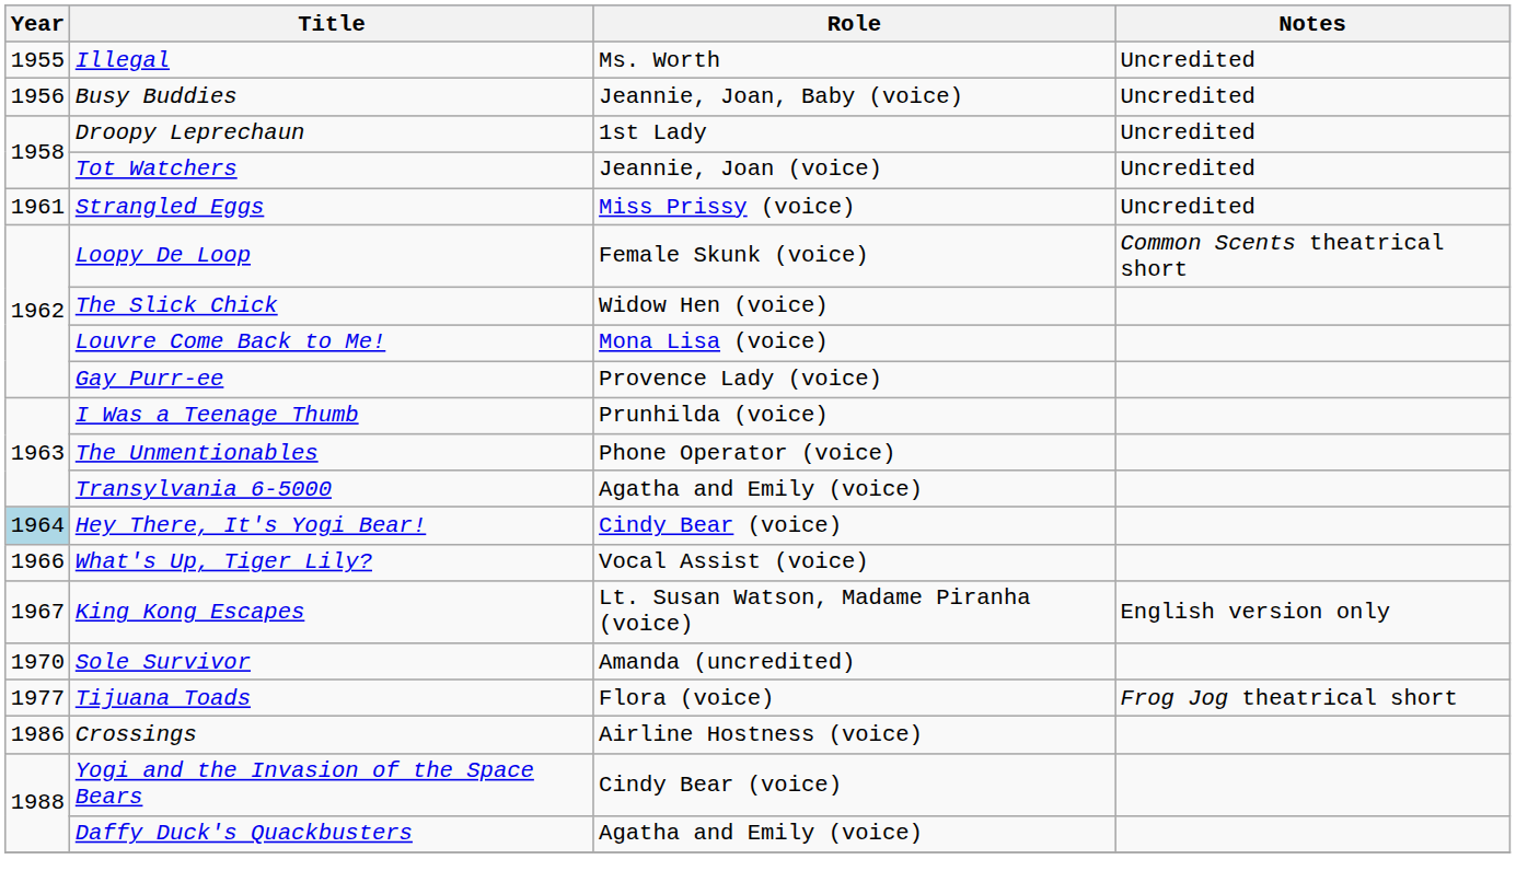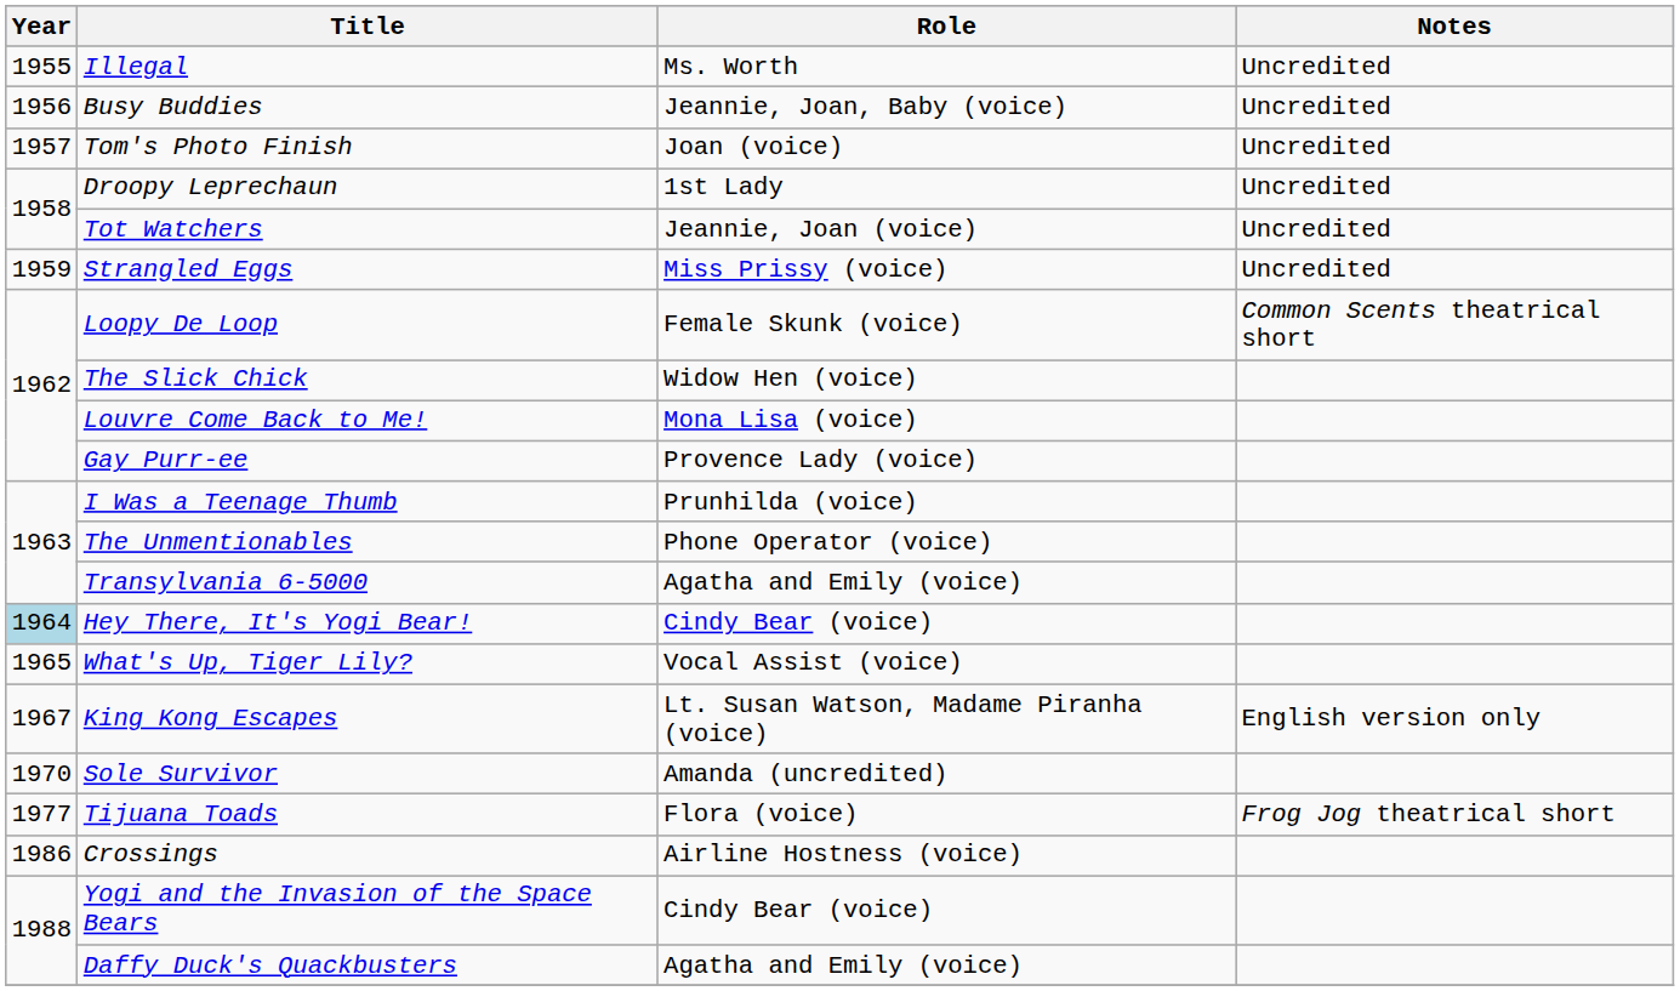 <table class="wikitable">
 <tr style="background:#b0c4de; text-aligb:center;">
 <th>Year</th>
 <th>Title</th>
 <th>Role</th>
 <th>Notes</th>
 </tr>
 <tr>
 <td>1955</td>
 <td><em><a href='#'>Illegal</a></em></td>
 <td>Ms. Worth</td>
 <td>Uncredited</td>
 </tr>
 <tr>
 <td>1956</td>
 <td><em>Busy Buddies</em></td>
 <td>Jeannie, Joan, Baby (voice)</td>
 <td>Uncredited</td>
 </tr>
 <tr>
+<td>1957</td>
+<td><em>Tom's Photo Finish</em></td>
+<td>Joan (voice)</td>
+<td>Uncredited</td>
+</tr>
+<tr>
 <td rowspan="2">1958</td>
 <td><em>Droopy Leprechaun</em></td>
 <td>1st Lady</td>
 <td>Uncredited</td>
 </tr>
 <tr>
 <td><em><a href='#'>Tot Watchers</a></em></td>
 <td>Jeannie, Joan (voice)</td>
 <td>Uncredited</td>
 </tr>
 <tr>
-<td>1961</td>
+<td>1959</td>
 <td><em><a href='#'>Strangled Eggs</a></em></td>
 <td><a href='#'>Miss Prissy</a> (voice)</td>
 <td>Uncredited</td>
 </tr>
 <tr>
 <td rowspan="4">1962</td>
 <td><em><a href='#'>Loopy De Loop</a></em></td>
 <td>Female Skunk (voice)</td>
 <td><em>Common Scents</em> theatrical short</td>
 </tr>
 <tr>
 <td><em><a href='#'>The Slick Chick</a></em></td>
 <td>Widow Hen (voice)</td>
 <td></td>
 </tr>
 <tr>
 <td><em><a href='#'>Louvre Come Back to Me!</a></em></td>
 <td><a href='#'>Mona Lisa</a> (voice)</td>
 <td></td>
 </tr>
 <tr>
 <td><em><a href='#'>Gay Purr-ee</a></em></td>
 <td>Provence Lady (voice)</td>
 <td></td>
 </tr>
 <tr>
 <td rowspan="3">1963</td>
 <td><em><a href='#'>I Was a Teenage Thumb</a></em></td>
 <td>Prunhilda (voice)</td>
 <td></td>
 </tr>
 <tr>
 <td><em><a href='#'>The Unmentionables</a></em></td>
 <td>Phone Operator (voice)</td>
 <td></td>
 </tr>
 <tr>
 <td><em><a href='#'>Transylvania 6-5000</a></em></td>
 <td>Agatha and Emily (voice)</td>
 <td></td>
 </tr>
 <tr>
 <td style="background: lightblue;">1964</td>
 <td><em><a href='#'>Hey There, It's Yogi Bear!</a></em></td>
 <td><a href='#'>Cindy Bear</a> (voice)</td>
 <td></td>
 </tr>
 <tr>
-<td>1966</td>
+<td>1965</td>
 <td><em><a href='#'>What's Up, Tiger Lily?</a></em></td>
 <td>Vocal Assist (voice)</td>
 <td></td>
 </tr>
 <tr>
 <td>1967</td>
 <td><em><a href='#'>King Kong Escapes</a></em></td>
 <td>Lt. Susan Watson, Madame Piranha (voice)</td>
 <td>English version only</td>
 </tr>
 <tr>
 <td>1970</td>
 <td><em><a href='#'>Sole Survivor</a></em></td>
 <td>Amanda (uncredited)</td>
 <td></td>
 </tr>
 <tr>
 <td>1977</td>
 <td><em><a href='#'>Tijuana Toads</a></em></td>
 <td>Flora (voice)</td>
 <td><em>Frog Jog</em> theatrical short</td>
 </tr>
 <tr>
 <td>1986</td>
 <td><em>Crossings</em></td>
 <td>Airline Hostness (voice)</td>
 <td></td>
 </tr>
 <tr>
 <td rowspan="2">1988</td>
 <td><em><a href='#'>Yogi and the Invasion of the Space Bears</a></em></td>
 <td>Cindy Bear (voice)</td>
 <td></td>
 </tr>
 <tr>
 <td><em><a href='#'>Daffy Duck's Quackbusters</a></em></td>
 <td>Agatha and Emily (voice)</td>
 <td></td>
 </tr>
 <tr>
 </tr>
 </table>
